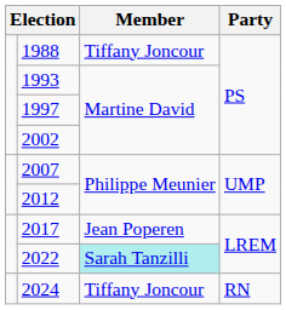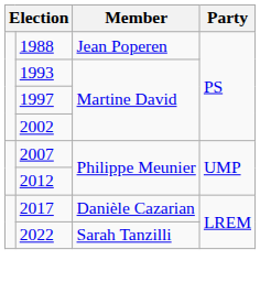 <table class="wikitable">
 <tr>
 <th colspan=2>Election</th>
 <th>Member</th>
 <th>Party</th>
 </tr>
 <tr>
 <td rowspan="4" style="background-color: "></td>
 <td><a href='#'>1988</a></td>
-<td><a href='#'>Tiffany Joncour</a></td>
+<td><a href='#'>Jean Poperen</a></td>
 <td rowspan="4"><a href='#'>PS</a></td>
 </tr>
 <tr>
 <td><a href='#'>1993</a></td>
 <td rowspan="3"><a href='#'>Martine David</a></td>
 </tr>
 <tr>
 <td><a href='#'>1997</a></td>
 </tr>
 <tr>
 <td><a href='#'>2002</a></td>
 </tr>
 <tr>
 <td rowspan="2" style="background-color: "></td>
 <td><a href='#'>2007</a></td>
 <td rowspan="2"><a href='#'>Philippe Meunier</a></td>
 <td rowspan="2"><a href='#'>UMP</a></td>
 </tr>
 <tr>
 <td><a href='#'>2012</a></td>
 </tr>
 <tr>
 <td rowspan="2" style="background-color: "></td>
 <td><a href='#'>2017</a></td>
-<td><a href='#'>Jean Poperen</a></td>
+<td><a href='#'>Danièle Cazarian</a></td>
 <td rowspan="2"><a href='#'>LREM</a></td>
 </tr>
 <tr>
 <td><a href='#'>2022</a></td>
-<td style="background: paleturquoise;"><a href='#'>Sarah Tanzilli</a></td>
-</tr>
-<tr>
-<td style="background-color: "></td>
-<td><a href='#'>2024</a></td>
-<td><a href='#'>Tiffany Joncour</a></td>
-<td><a href='#'>RN</a></td>
+<td><a href='#'>Sarah Tanzilli</a></td>
 </tr>
 </table>
